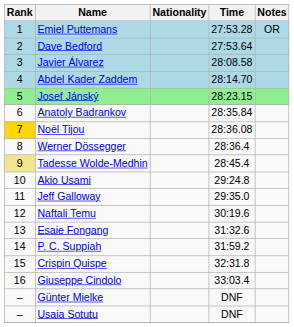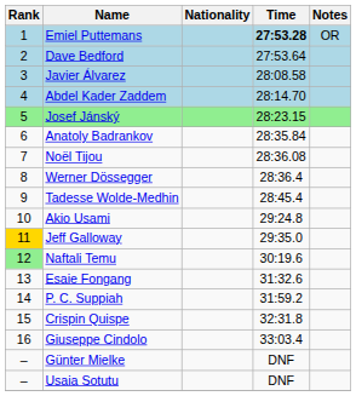 <table class="wikitable sortable" style="text-align:center">
 <tr>
 <th>Rank</th>
 <th>Name</th>
 <th>Nationality</th>
 <th>Time</th>
 <th>Notes</th>
 </tr>
 <tr bgcolor=lightblue>
 <td>1</td>
 <td align=left><a href='#'>Emiel Puttemans</a></td>
 <td align=left></td>
-<td>27:53.28</td>
+<td><strong>27:53.28</strong></td>
 <td>OR</td>
 </tr>
 <tr bgcolor=lightblue>
 <td>2</td>
 <td align=left><a href='#'>Dave Bedford</a></td>
 <td align=left></td>
 <td>27:53.64</td>
 <td></td>
 </tr>
 <tr bgcolor=lightblue>
 <td>3</td>
 <td align=left><a href='#'>Javier Álvarez</a></td>
 <td align=left></td>
 <td>28:08.58</td>
 <td></td>
 </tr>
 <tr bgcolor=lightblue>
 <td>4</td>
 <td align=left><a href='#'>Abdel Kader Zaddem</a></td>
 <td align=left></td>
 <td>28:14.70</td>
 <td></td>
 </tr>
 <tr bgcolor=lightgreen>
 <td>5</td>
 <td align=left><a href='#'>Josef Jánský</a></td>
 <td align=left></td>
 <td>28:23.15</td>
 <td></td>
 </tr>
 <tr>
 <td>6</td>
 <td align=left><a href='#'>Anatoly Badrankov</a></td>
 <td align=left></td>
 <td>28:35.84</td>
 <td></td>
 </tr>
 <tr>
-<td style="background: gold;">7</td>
+<td>7</td>
 <td align=left><a href='#'>Noël Tijou</a></td>
 <td align=left></td>
 <td>28:36.08</td>
 <td></td>
 </tr>
 <tr>
 <td>8</td>
 <td align=left><a href='#'>Werner Dössegger</a></td>
 <td align=left></td>
 <td>28:36.4</td>
 <td></td>
 </tr>
 <tr>
-<td style="background: khaki;">9</td>
+<td>9</td>
 <td align=left><a href='#'>Tadesse Wolde-Medhin</a></td>
 <td align=left></td>
 <td>28:45.4</td>
 <td></td>
 </tr>
 <tr>
 <td>10</td>
 <td align=left><a href='#'>Akio Usami</a></td>
 <td align=left></td>
 <td>29:24.8</td>
 <td></td>
 </tr>
 <tr>
-<td>11</td>
+<td style="background: gold;">11</td>
 <td align=left><a href='#'>Jeff Galloway</a></td>
 <td align=left></td>
 <td>29:35.0</td>
 <td></td>
 </tr>
 <tr>
-<td>12</td>
+<td style="background: lightgreen;">12</td>
 <td align=left><a href='#'>Naftali Temu</a></td>
 <td align=left></td>
 <td>30:19.6</td>
 <td></td>
 </tr>
 <tr>
 <td>13</td>
 <td align=left><a href='#'>Esaie Fongang</a></td>
 <td align=left></td>
 <td>31:32.6</td>
 <td></td>
 </tr>
 <tr>
 <td>14</td>
 <td align=left><a href='#'>P. C. Suppiah</a></td>
 <td align=left></td>
 <td>31:59.2</td>
 <td></td>
 </tr>
 <tr>
 <td>15</td>
 <td align=left><a href='#'>Crispin Quispe</a></td>
 <td align=left></td>
 <td>32:31.8</td>
 <td></td>
 </tr>
 <tr>
 <td>16</td>
 <td align=left><a href='#'>Giuseppe Cindolo</a></td>
 <td align=left></td>
 <td>33:03.4</td>
 <td></td>
 </tr>
 <tr>
 <td>–</td>
 <td align=left><a href='#'>Günter Mielke</a></td>
 <td align=left></td>
 <td>DNF</td>
 <td></td>
 </tr>
 <tr>
 <td>–</td>
 <td align=left><a href='#'>Usaia Sotutu</a></td>
 <td align=left></td>
 <td>DNF</td>
 <td></td>
 </tr>
 <tr>
 </tr>
 </table>
